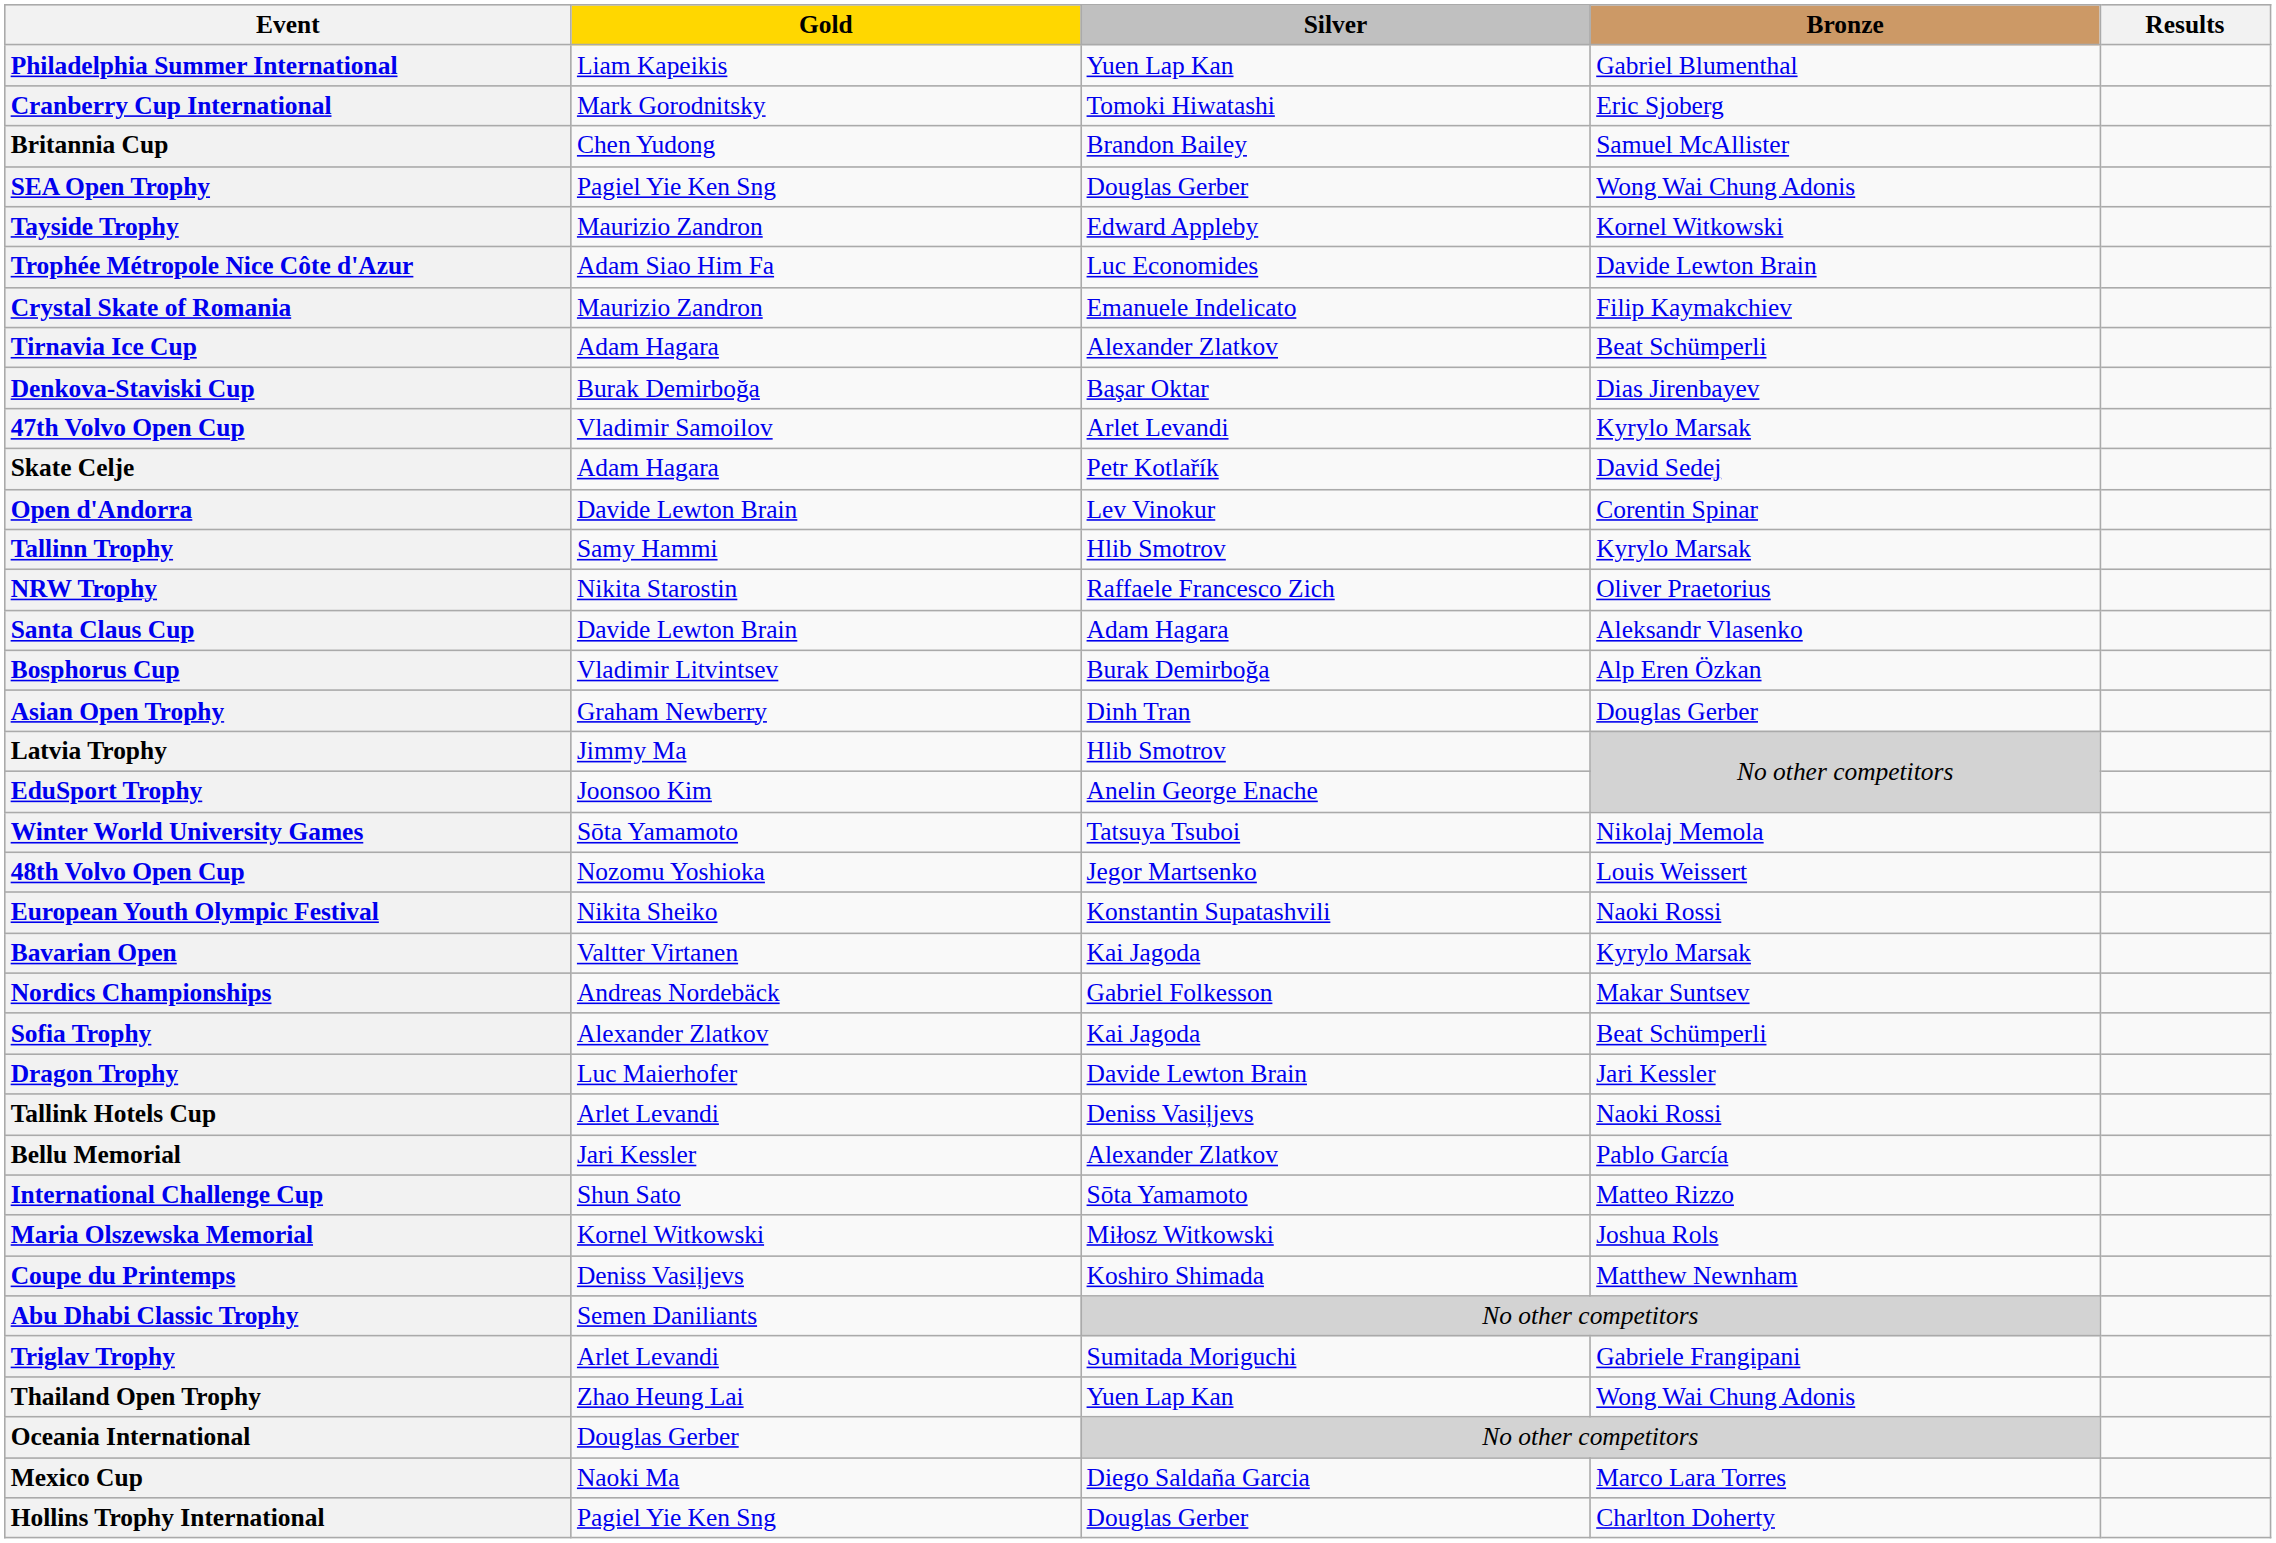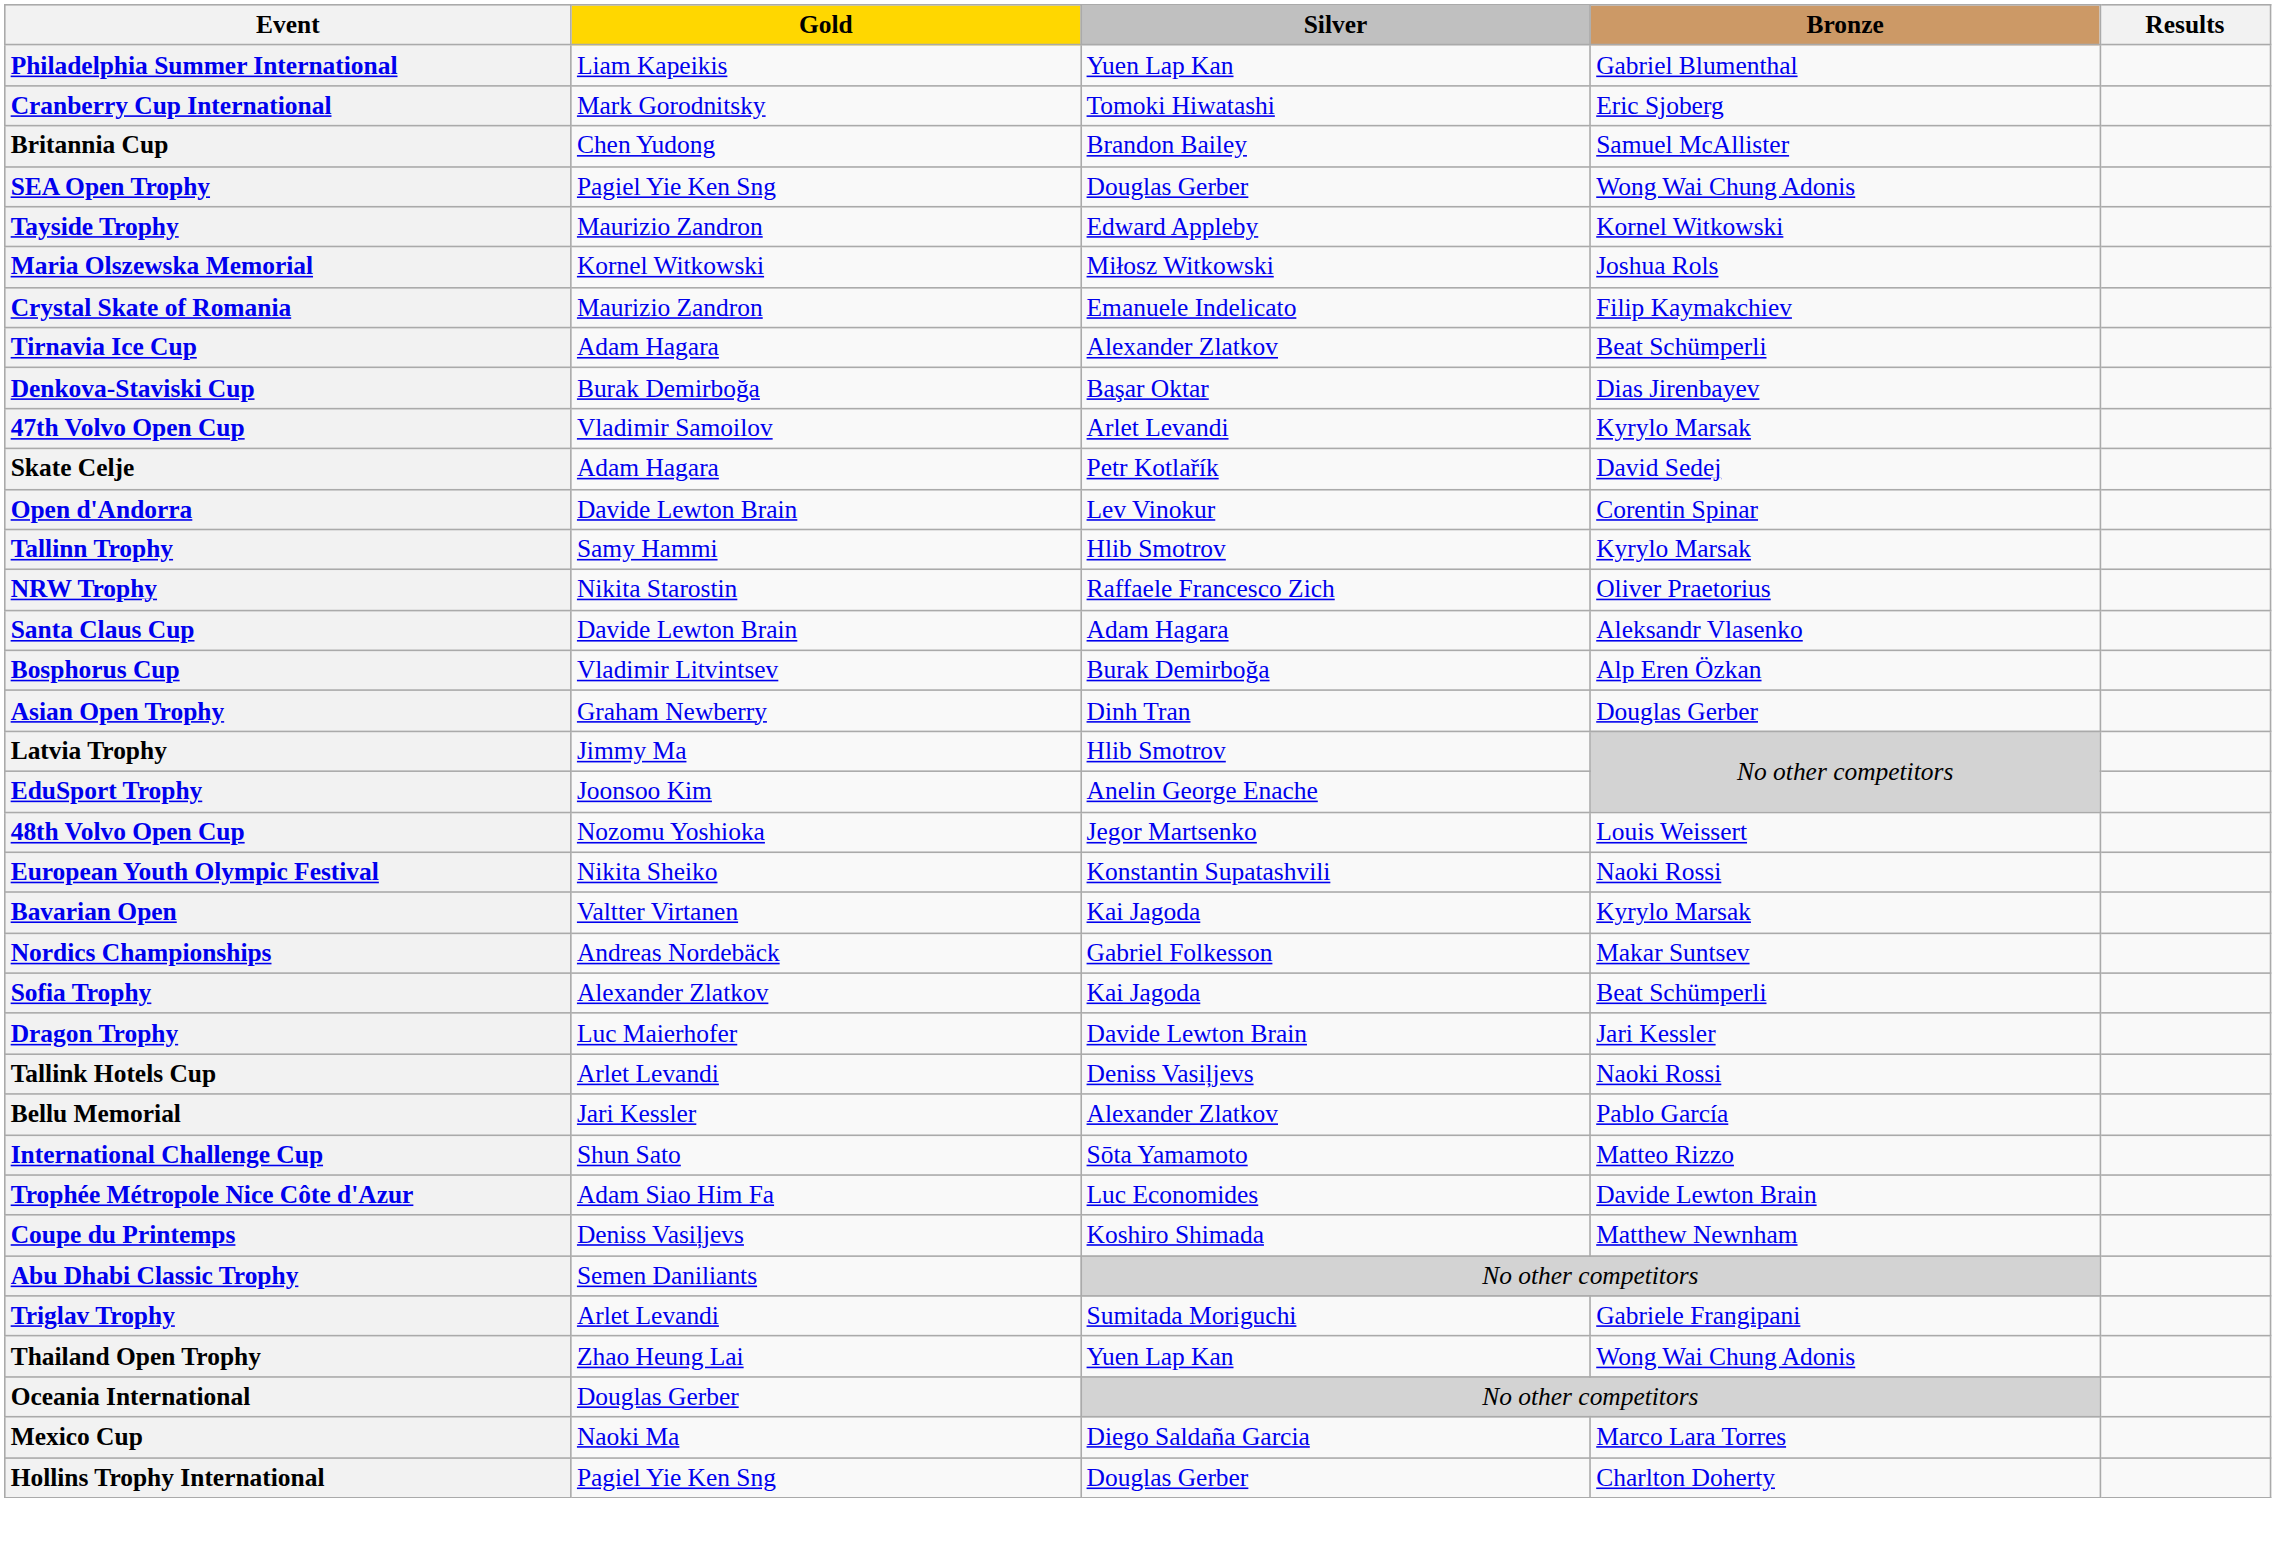 <table class="wikitable unsortable" style="text-align:left; width:90%;">
 <tr>
 <th scope="col" style="text-align:center; width:25%;">Event</th>
 <td scope="col" style="text-align:center; width:22.5%; background:gold"><strong>Gold</strong></td>
 <td scope="col" style="text-align:center; width:22.5%; background:silver"><strong>Silver</strong></td>
 <td scope="col" style="text-align:center; width:22.5%; background:#c96"><strong>Bronze</strong></td>
 <th scope="col" style="text-align:center; width:7.5%;">Results</th>
 </tr>
 <tr>
 <th scope="row" style="text-align:left"> <a href='#'>Philadelphia Summer International</a></th>
 <td> <a href='#'>Liam Kapeikis</a></td>
 <td> <a href='#'>Yuen Lap Kan</a></td>
 <td> <a href='#'>Gabriel Blumenthal</a></td>
 <td></td>
 </tr>
 <tr>
 <th scope="row" style="text-align:left"> <a href='#'>Cranberry Cup International</a></th>
 <td> <a href='#'>Mark Gorodnitsky</a></td>
 <td> <a href='#'>Tomoki Hiwatashi</a></td>
 <td> <a href='#'>Eric Sjoberg</a></td>
 <td></td>
 </tr>
 <tr>
 <th scope="row" style="text-align:left"> Britannia Cup</th>
 <td> <a href='#'>Chen Yudong</a></td>
 <td> <a href='#'>Brandon Bailey</a></td>
 <td> <a href='#'>Samuel McAllister</a></td>
 <td></td>
 </tr>
 <tr>
 <th scope="row" style="text-align:left"> <a href='#'>SEA Open Trophy</a></th>
 <td> <a href='#'>Pagiel Yie Ken Sng</a></td>
 <td> <a href='#'>Douglas Gerber</a></td>
 <td> <a href='#'>Wong Wai Chung Adonis</a></td>
 <td></td>
 </tr>
 <tr>
 <th scope="row" style="text-align:left"> <a href='#'>Tayside Trophy</a></th>
 <td> <a href='#'>Maurizio Zandron</a></td>
 <td> <a href='#'>Edward Appleby</a></td>
 <td> <a href='#'>Kornel Witkowski</a></td>
 <td></td>
 </tr>
 <tr>
-<th scope="row" style="text-align:left"> <a href='#'>Trophée Métropole Nice Côte d'Azur</a></th>
-<td> <a href='#'>Adam Siao Him Fa</a></td>
-<td> <a href='#'>Luc Economides</a></td>
-<td> <a href='#'>Davide Lewton Brain</a></td>
+<th scope="row" style="text-align:left"> <a href='#'>Maria Olszewska Memorial</a></th>
+<td> <a href='#'>Kornel Witkowski</a></td>
+<td> <a href='#'>Miłosz Witkowski</a></td>
+<td> <a href='#'>Joshua Rols</a></td>
 <td></td>
 </tr>
 <tr>
 <th scope="row" style="text-align:left"> <a href='#'>Crystal Skate of Romania</a></th>
 <td> <a href='#'>Maurizio Zandron</a></td>
 <td> <a href='#'>Emanuele Indelicato</a></td>
 <td> <a href='#'>Filip Kaymakchiev</a></td>
 <td></td>
 </tr>
 <tr>
 <th scope="row" style="text-align:left"> <a href='#'>Tirnavia Ice Cup</a></th>
 <td> <a href='#'>Adam Hagara</a></td>
 <td> <a href='#'>Alexander Zlatkov</a></td>
 <td> <a href='#'>Beat Schümperli</a></td>
 <td></td>
 </tr>
 <tr>
 <th scope="row" style="text-align:left"> <a href='#'>Denkova-Staviski Cup</a></th>
 <td> <a href='#'>Burak Demirboğa</a></td>
 <td> <a href='#'>Başar Oktar</a></td>
 <td> <a href='#'>Dias Jirenbayev</a></td>
 <td></td>
 </tr>
 <tr>
 <th scope="row" style="text-align:left"> <a href='#'>47th Volvo Open Cup</a></th>
 <td> <a href='#'>Vladimir Samoilov</a></td>
 <td> <a href='#'>Arlet Levandi</a></td>
 <td> <a href='#'>Kyrylo Marsak</a></td>
 <td></td>
 </tr>
 <tr>
 <th scope="row" style="text-align:left"> Skate Celje</th>
 <td> <a href='#'>Adam Hagara</a></td>
 <td> <a href='#'>Petr Kotlařík</a></td>
 <td> <a href='#'>David Sedej</a></td>
 <td></td>
 </tr>
 <tr>
 <th scope="row" style="text-align:left"> <a href='#'>Open d'Andorra</a></th>
 <td> <a href='#'>Davide Lewton Brain</a></td>
 <td> <a href='#'>Lev Vinokur</a></td>
 <td> <a href='#'>Corentin Spinar</a></td>
 <td></td>
 </tr>
 <tr>
 <th scope="row" style="text-align:left"> <a href='#'>Tallinn Trophy</a></th>
 <td> <a href='#'>Samy Hammi</a></td>
 <td> <a href='#'>Hlib Smotrov</a></td>
 <td> <a href='#'>Kyrylo Marsak</a></td>
 <td></td>
 </tr>
 <tr>
 <th scope="row" style="text-align:left"> <a href='#'>NRW Trophy</a></th>
 <td> <a href='#'>Nikita Starostin</a></td>
 <td> <a href='#'>Raffaele Francesco Zich</a></td>
 <td> <a href='#'>Oliver Praetorius</a></td>
 <td></td>
 </tr>
 <tr>
 <th scope="row" style="text-align:left"> <a href='#'>Santa Claus Cup</a></th>
 <td> <a href='#'>Davide Lewton Brain</a></td>
 <td> <a href='#'>Adam Hagara</a></td>
 <td> <a href='#'>Aleksandr Vlasenko</a></td>
 <td></td>
 </tr>
 <tr>
 <th scope="row" style="text-align:left"> <a href='#'>Bosphorus Cup</a></th>
 <td> <a href='#'>Vladimir Litvintsev</a></td>
 <td> <a href='#'>Burak Demirboğa</a></td>
 <td> <a href='#'>Alp Eren Özkan</a></td>
 <td></td>
 </tr>
 <tr>
 <th scope="row" style="text-align:left"> <a href='#'>Asian Open Trophy</a></th>
 <td> <a href='#'>Graham Newberry</a></td>
 <td> <a href='#'>Dinh Tran</a></td>
 <td> <a href='#'>Douglas Gerber</a></td>
 <td></td>
 </tr>
 <tr>
 <th scope="row" style="text-align:left"> Latvia Trophy</th>
 <td> <a href='#'>Jimmy Ma</a></td>
 <td> <a href='#'>Hlib Smotrov</a></td>
 <td rowspan="2" align="center" bgcolor="lightgray"><em>No other competitors</em></td>
 <td></td>
 </tr>
 <tr>
 <th scope="row" style="text-align:left"> <a href='#'>EduSport Trophy</a></th>
 <td> <a href='#'>Joonsoo Kim</a></td>
 <td> <a href='#'>Anelin George Enache</a></td>
 <td></td>
 </tr>
 <tr>
-<th scope="row" style="text-align:left"> <a href='#'>Winter World University Games</a></th>
-<td> <a href='#'>Sōta Yamamoto</a></td>
-<td> <a href='#'>Tatsuya Tsuboi</a></td>
-<td> <a href='#'>Nikolaj Memola</a></td>
-<td></td>
-</tr>
-<tr>
 <th scope="row" style="text-align:left"> <a href='#'>48th Volvo Open Cup</a></th>
 <td> <a href='#'>Nozomu Yoshioka</a></td>
 <td> <a href='#'>Jegor Martsenko</a></td>
 <td> <a href='#'>Louis Weissert</a></td>
 <td></td>
 </tr>
 <tr>
 <th scope="row" style="text-align:left"> <a href='#'>European Youth Olympic Festival</a></th>
 <td> <a href='#'>Nikita Sheiko</a></td>
 <td> <a href='#'>Konstantin Supatashvili</a></td>
 <td> <a href='#'>Naoki Rossi</a></td>
 <td></td>
 </tr>
 <tr>
 <th scope="row" style="text-align:left"> <a href='#'>Bavarian Open</a></th>
 <td> <a href='#'>Valtter Virtanen</a></td>
 <td> <a href='#'>Kai Jagoda</a></td>
 <td> <a href='#'>Kyrylo Marsak</a></td>
 <td></td>
 </tr>
 <tr>
 <th scope="row" style="text-align:left"> <a href='#'>Nordics Championships</a></th>
 <td> <a href='#'>Andreas Nordebäck</a></td>
 <td> <a href='#'>Gabriel Folkesson</a></td>
 <td> <a href='#'>Makar Suntsev</a></td>
 <td></td>
 </tr>
 <tr>
 <th scope="row" style="text-align:left"> <a href='#'>Sofia Trophy</a></th>
 <td> <a href='#'>Alexander Zlatkov</a></td>
 <td> <a href='#'>Kai Jagoda</a></td>
 <td> <a href='#'>Beat Schümperli</a></td>
 <td></td>
 </tr>
 <tr>
 <th scope="row" style="text-align:left"> <a href='#'>Dragon Trophy</a></th>
 <td> <a href='#'>Luc Maierhofer</a></td>
 <td> <a href='#'>Davide Lewton Brain</a></td>
 <td> <a href='#'>Jari Kessler</a></td>
 <td></td>
 </tr>
 <tr>
 <th scope="row" style="text-align:left"> Tallink Hotels Cup</th>
 <td> <a href='#'>Arlet Levandi</a></td>
 <td> <a href='#'>Deniss Vasiļjevs</a></td>
 <td> <a href='#'>Naoki Rossi</a></td>
 <td></td>
 </tr>
 <tr>
 <th scope="row" style="text-align:left"> Bellu Memorial</th>
 <td> <a href='#'>Jari Kessler</a></td>
 <td> <a href='#'>Alexander Zlatkov</a></td>
 <td> <a href='#'>Pablo García</a></td>
 <td></td>
 </tr>
 <tr>
 <th scope="row" style="text-align:left"> <a href='#'>International Challenge Cup</a></th>
 <td> <a href='#'>Shun Sato</a></td>
 <td> <a href='#'>Sōta Yamamoto</a></td>
 <td> <a href='#'>Matteo Rizzo</a></td>
 <td></td>
 </tr>
 <tr>
-<th scope="row" style="text-align:left"> <a href='#'>Maria Olszewska Memorial</a></th>
-<td> <a href='#'>Kornel Witkowski</a></td>
-<td> <a href='#'>Miłosz Witkowski</a></td>
-<td> <a href='#'>Joshua Rols</a></td>
+<th scope="row" style="text-align:left"> <a href='#'>Trophée Métropole Nice Côte d'Azur</a></th>
+<td> <a href='#'>Adam Siao Him Fa</a></td>
+<td> <a href='#'>Luc Economides</a></td>
+<td> <a href='#'>Davide Lewton Brain</a></td>
 <td></td>
 </tr>
 <tr>
 <th scope="row" style="text-align:left"> <a href='#'>Coupe du Printemps</a></th>
 <td> <a href='#'>Deniss Vasiļjevs</a></td>
 <td> <a href='#'>Koshiro Shimada</a></td>
 <td> <a href='#'>Matthew Newnham</a></td>
 <td></td>
 </tr>
 <tr>
 <th scope="row" style="text-align:left"> <a href='#'>Abu Dhabi Classic Trophy</a></th>
 <td> <a href='#'>Semen Daniliants</a></td>
 <td colspan="2" align="center" bgcolor="lightgray"><em>No other competitors</em></td>
 <td></td>
 </tr>
 <tr>
 <th scope="row" style="text-align:left"> <a href='#'>Triglav Trophy</a></th>
 <td> <a href='#'>Arlet Levandi</a></td>
 <td> <a href='#'>Sumitada Moriguchi</a></td>
 <td> <a href='#'>Gabriele Frangipani</a></td>
 <td></td>
 </tr>
 <tr>
 <th scope="row" style="text-align:left"> Thailand Open Trophy</th>
 <td> <a href='#'>Zhao Heung Lai</a></td>
 <td> <a href='#'>Yuen Lap Kan</a></td>
 <td> <a href='#'>Wong Wai Chung Adonis</a></td>
 <td></td>
 </tr>
 <tr>
 <th scope="row" style="text-align:left"> Oceania International</th>
 <td> <a href='#'>Douglas Gerber</a></td>
 <td colspan="2" align="center" bgcolor="lightgray"><em>No other competitors</em></td>
 <td></td>
 </tr>
 <tr>
 <th scope="row" style="text-align:left"> Mexico Cup</th>
 <td> <a href='#'>Naoki Ma</a></td>
 <td> <a href='#'>Diego Saldaña Garcia</a></td>
 <td> <a href='#'>Marco Lara Torres</a></td>
 <td></td>
 </tr>
 <tr>
 <th scope="row" style="text-align:left"> Hollins Trophy International</th>
 <td> <a href='#'>Pagiel Yie Ken Sng</a></td>
 <td> <a href='#'>Douglas Gerber</a></td>
 <td> <a href='#'>Charlton Doherty</a></td>
 <td></td>
 </tr>
 </table>
